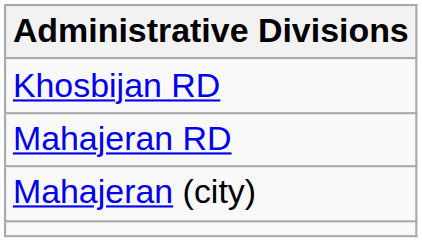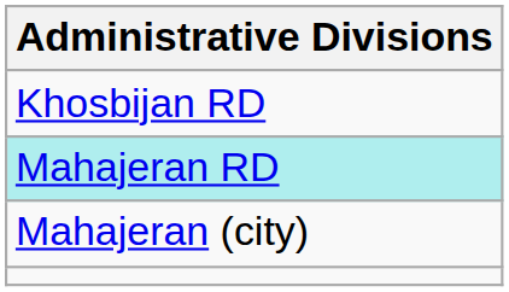 <table class="wikitable">
 <tr>
 <th>Administrative Divisions</th>
 </tr>
 <tr>
 <td><a href='#'>Khosbijan RD</a></td>
 </tr>
 <tr>
-<td><a href='#'>Mahajeran RD</a></td>
+<td style="background: paleturquoise;"><a href='#'>Mahajeran RD</a></td>
 </tr>
 <tr>
 <td><a href='#'>Mahajeran</a> (city)</td>
 </tr>
 <tr>
 <td colspan=1></td>
 </tr>
 </table>
